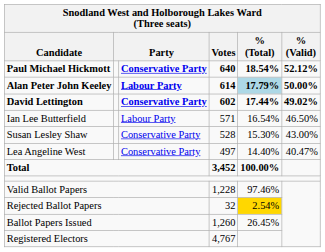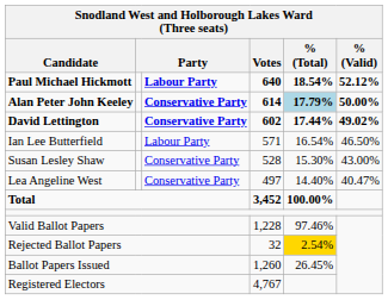 <table class="wikitable" border="1" style="text-align:right; font-size:100%">
 <tr>
 <th align=center colspan=6>Snodland West and Holborough Lakes Ward<br>(Three seats)</th>
 </tr>
 <tr>
 <th valign=bottom>Candidate</th>
 <th valign=bottom colspan=2>Party</th>
 <th valign=bottom>Votes</th>
 <th>%<br>(Total)</th>
 <th>%<br>(Valid)</th>
 </tr>
 <tr>
 <td align=left><strong>Paul Michael Hickmott</strong></td>
 <td style="background:"></td>
-<td align=left><strong><a href='#'>Conservative Party</a></strong></td>
+<td align=left><strong><a href='#'>Labour Party</a></strong></td>
 <td><strong>640</strong></td>
 <td><strong>18.54%</strong></td>
 <td><strong>52.12%</strong></td>
 </tr>
 <tr>
 <td align=left><strong>Alan Peter John Keeley</strong></td>
 <td style="background:"></td>
-<td align=left><strong><a href='#'>Labour Party</a></strong></td>
+<td align=left><strong><a href='#'>Conservative Party</a></strong></td>
 <td><strong>614</strong></td>
 <td style="background: lightblue;"><strong>17.79%</strong></td>
 <td><strong>50.00%</strong></td>
 </tr>
 <tr>
 <td align=left><strong>David Lettington</strong></td>
 <td style="background:"></td>
 <td align=left><strong><a href='#'>Conservative Party</a></strong></td>
 <td><strong>602</strong></td>
 <td><strong>17.44%</strong></td>
 <td><strong>49.02%</strong></td>
 </tr>
 <tr>
 <td align=left>Ian Lee Butterfield</td>
 <td style="background:"></td>
 <td align=left><a href='#'>Labour Party</a></td>
 <td>571</td>
 <td>16.54%</td>
 <td>46.50%</td>
 </tr>
 <tr>
 <td align=left>Susan Lesley Shaw</td>
 <td style="background:"></td>
 <td align=left><a href='#'>Conservative Party</a></td>
 <td>528</td>
 <td>15.30%</td>
 <td>43.00%</td>
 </tr>
 <tr>
 <td align=left>Lea Angeline West</td>
 <td style="background:"></td>
 <td align=left><a href='#'>Conservative Party</a></td>
 <td>497</td>
 <td>14.40%</td>
 <td>40.47%</td>
 </tr>
 <tr style="font-weight:bold">
 <td align=left colspan=3>Total</td>
 <td>3,452</td>
 <td>100.00%</td>
 <td></td>
 </tr>
 <tr>
 <td align=left colspan=6></td>
 </tr>
 <tr>
 <td align=left colspan=3>Valid Ballot Papers</td>
 <td>1,228</td>
 <td>97.46%</td>
 <td rowspan=4></td>
 </tr>
 <tr>
 <td align=left colspan=3>Rejected Ballot Papers</td>
 <td>32</td>
 <td style="background: gold;">2.54%</td>
 </tr>
 <tr>
 <td align=left colspan=3>Ballot Papers Issued</td>
 <td>1,260</td>
 <td>26.45%</td>
 </tr>
 <tr>
 <td align=left colspan=3>Registered Electors</td>
 <td>4,767</td>
 <td></td>
 </tr>
 </table>
